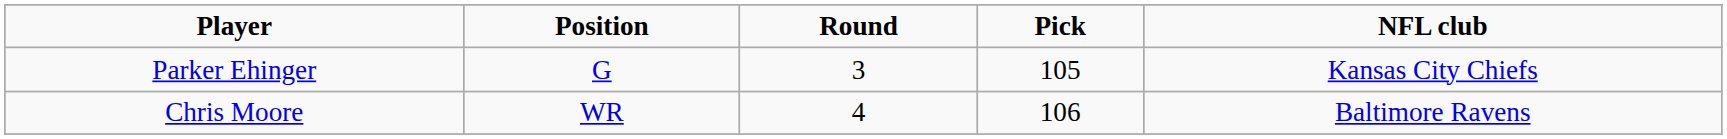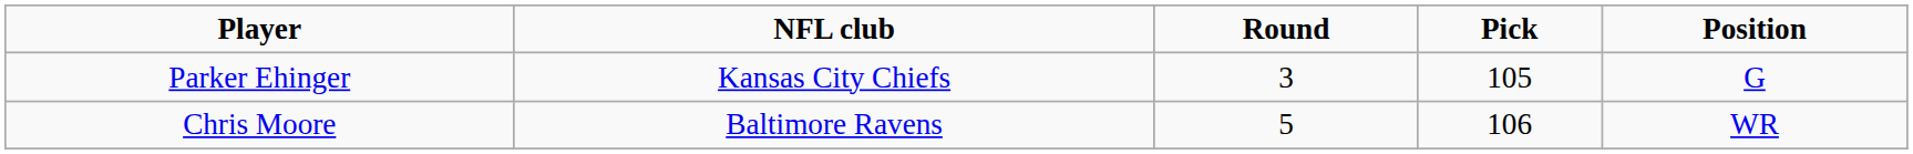 <table class="wikitable" width="80%">
 <tr align="center">
 <td><strong>Player</strong></td>
-<td><strong>Position</strong></td>
+<td><strong>NFL club</strong></td>
 <td><strong>Round</strong></td>
 <td><strong>Pick</strong></td>
-<td><strong>NFL club</strong></td>
+<td><strong>Position</strong></td>
 </tr>
 <tr align="center" bgcolor="">
 <td><a href='#'>Parker Ehinger</a></td>
-<td><a href='#'>G</a></td>
+<td><a href='#'>Kansas City Chiefs</a></td>
 <td>3</td>
 <td>105</td>
-<td><a href='#'>Kansas City Chiefs</a></td>
+<td><a href='#'>G</a></td>
 </tr>
 <tr align="center" bgcolor="">
 <td><a href='#'>Chris Moore</a></td>
+<td><a href='#'>Baltimore Ravens</a></td>
+<td>5</td>
+<td>106</td>
 <td><a href='#'>WR</a></td>
-<td>4</td>
-<td>106</td>
-<td><a href='#'>Baltimore Ravens</a></td>
 </tr>
 </table>
